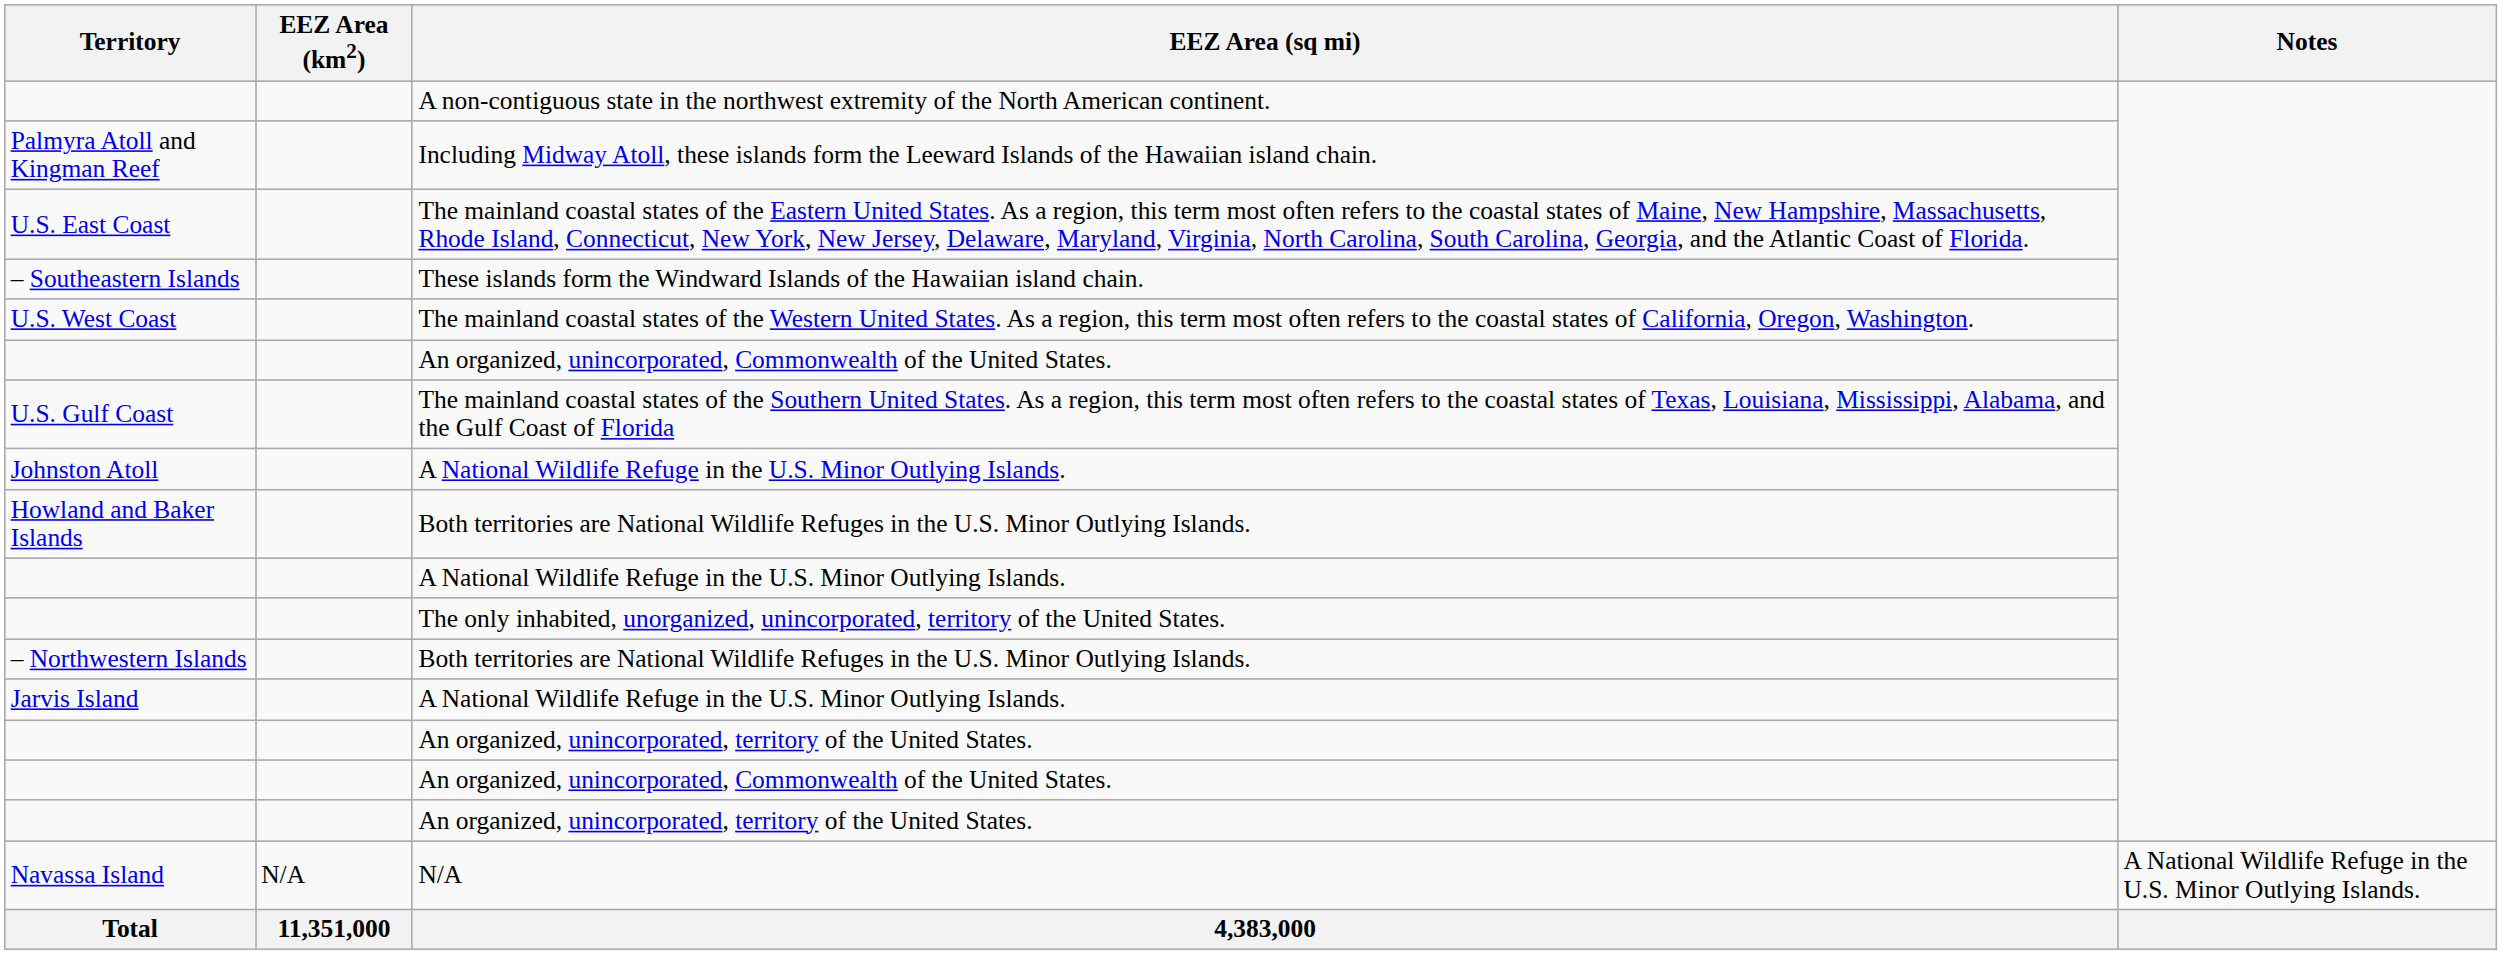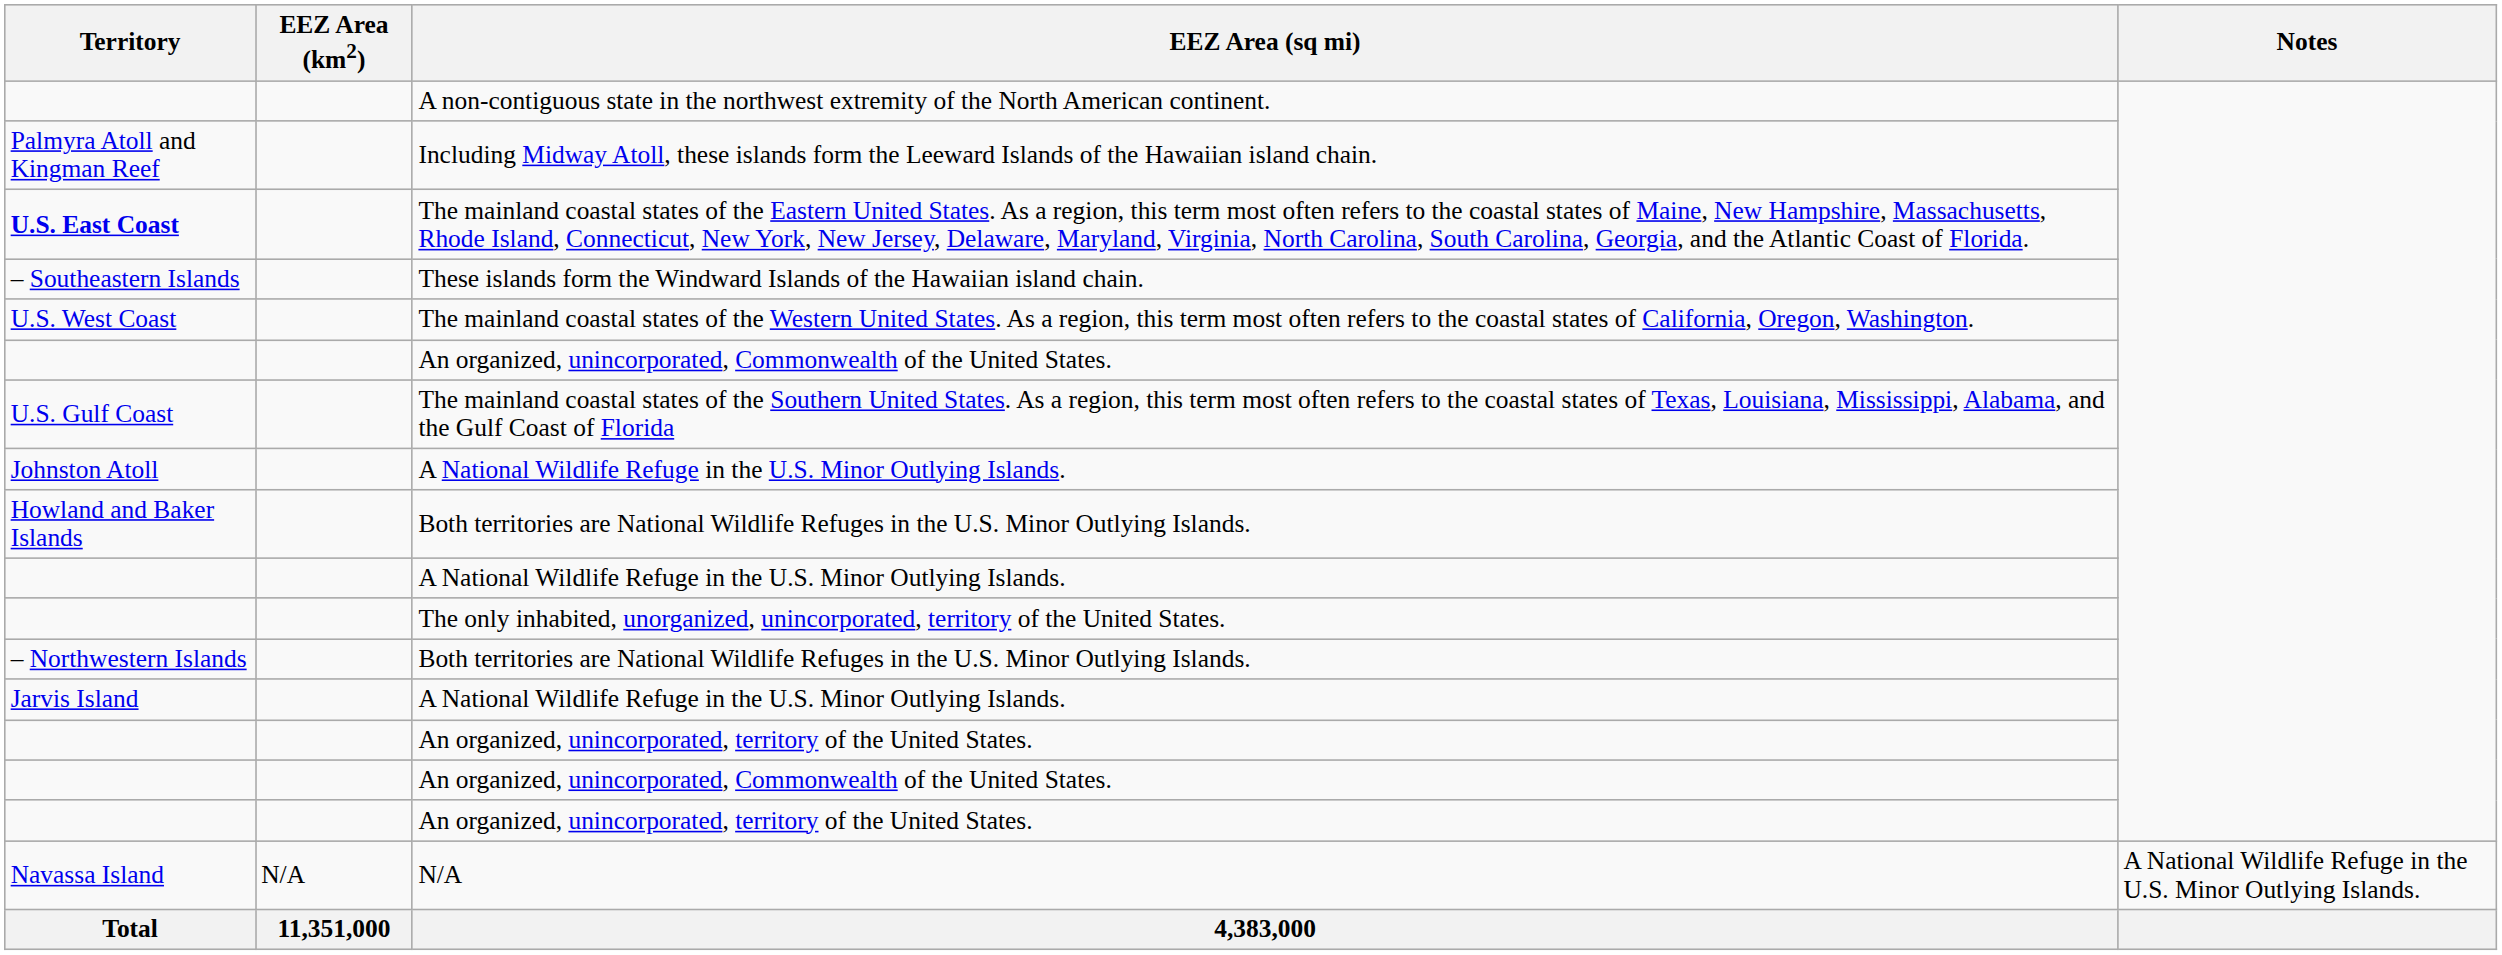 <table class="wikitable">
 <tr>
 <th>Territory</th>
 <th>EEZ Area (km<sup>2</sup>)</th>
 <th>EEZ Area (sq mi)</th>
 <th>Notes</th>
 </tr>
 <tr>
 <td></td>
 <td></td>
 <td>A non-contiguous state in the northwest extremity of the North American continent.</td>
 </tr>
 <tr>
 <td><a href='#'>Palmyra Atoll</a> and <a href='#'>Kingman Reef</a></td>
 <td></td>
 <td>Including <a href='#'>Midway Atoll</a>, these islands form the Leeward Islands of the Hawaiian island chain.</td>
 </tr>
 <tr>
-<td> <a href='#'>U.S. East Coast</a></td>
+<td><strong> <a href='#'>U.S. East Coast</a></strong></td>
 <td></td>
 <td>The mainland coastal states of the <a href='#'>Eastern United States</a>. As a region, this term most often refers to the coastal states of <a href='#'>Maine</a>, <a href='#'>New Hampshire</a>, <a href='#'>Massachusetts</a>, <a href='#'>Rhode Island</a>, <a href='#'>Connecticut</a>, <a href='#'>New York</a>, <a href='#'>New Jersey</a>, <a href='#'>Delaware</a>, <a href='#'>Maryland</a>, <a href='#'>Virginia</a>, <a href='#'>North Carolina</a>, <a href='#'>South Carolina</a>, <a href='#'>Georgia</a>, and the Atlantic Coast of <a href='#'>Florida</a>.</td>
 </tr>
 <tr>
 <td> – <a href='#'>Southeastern Islands</a></td>
 <td></td>
 <td>These islands form the Windward Islands of the Hawaiian island chain.</td>
 </tr>
 <tr>
 <td> <a href='#'>U.S. West Coast</a></td>
 <td></td>
 <td>The mainland coastal states of the <a href='#'>Western United States</a>. As a region, this term most often refers to the coastal states of <a href='#'>California</a>, <a href='#'>Oregon</a>, <a href='#'>Washington</a>.</td>
 </tr>
 <tr>
 <td></td>
 <td></td>
 <td>An organized, <a href='#'>unincorporated</a>, <a href='#'>Commonwealth</a> of the United States.</td>
 </tr>
 <tr>
 <td> <a href='#'>U.S. Gulf Coast</a></td>
 <td></td>
 <td>The mainland coastal states of the <a href='#'>Southern United States</a>. As a region, this term most often refers to the coastal states of <a href='#'>Texas</a>, <a href='#'>Louisiana</a>, <a href='#'>Mississippi</a>, <a href='#'>Alabama</a>, and the Gulf Coast of <a href='#'>Florida</a></td>
 </tr>
 <tr>
 <td><a href='#'>Johnston Atoll</a></td>
 <td></td>
 <td>A <a href='#'>National Wildlife Refuge</a> in the <a href='#'>U.S. Minor Outlying Islands</a>.</td>
 </tr>
 <tr>
 <td> <a href='#'>Howland and Baker Islands</a></td>
 <td></td>
 <td>Both territories are National Wildlife Refuges in the U.S. Minor Outlying Islands.</td>
 </tr>
 <tr>
 <td></td>
 <td></td>
 <td>A National Wildlife Refuge in the U.S. Minor Outlying Islands.</td>
 </tr>
 <tr>
 <td></td>
 <td></td>
 <td>The only inhabited, <a href='#'>unorganized</a>, <a href='#'>unincorporated</a>, <a href='#'>territory</a> of the United States.</td>
 </tr>
 <tr>
 <td> – <a href='#'>Northwestern Islands</a></td>
 <td></td>
 <td>Both territories are National Wildlife Refuges in the U.S. Minor Outlying Islands.</td>
 </tr>
 <tr>
 <td><a href='#'>Jarvis Island</a></td>
 <td></td>
 <td>A National Wildlife Refuge in the U.S. Minor Outlying Islands.</td>
 </tr>
 <tr>
 <td></td>
 <td></td>
 <td>An organized, <a href='#'>unincorporated</a>, <a href='#'>territory</a> of the United States.</td>
 </tr>
 <tr>
 <td></td>
 <td></td>
 <td>An organized, <a href='#'>unincorporated</a>, <a href='#'>Commonwealth</a> of the United States.</td>
 </tr>
 <tr>
 <td></td>
 <td></td>
 <td>An organized, <a href='#'>unincorporated</a>, <a href='#'>territory</a> of the United States.</td>
 </tr>
 <tr>
 <td><a href='#'>Navassa Island</a></td>
 <td>N/A</td>
 <td>N/A</td>
 <td>A National Wildlife Refuge in the U.S. Minor Outlying Islands.</td>
 </tr>
 <tr>
 <th>Total</th>
 <th>11,351,000</th>
 <th>4,383,000</th>
 <th></th>
 </tr>
 </table>
